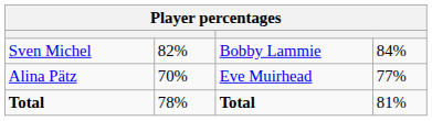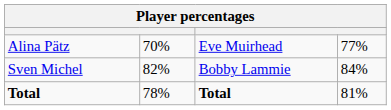 <table class="wikitable">
 <tr>
 <th colspan=4 width=400>Player percentages</th>
 </tr>
 <tr>
 <th colspan=2 width=200 style="white-space:nowrap;"></th>
 <th colspan=2 width=200 style="white-space:nowrap;"></th>
 </tr>
 <tr>
+<td><a href='#'>Alina Pätz</a></td>
+<td>70%</td>
+<td><a href='#'>Eve Muirhead</a></td>
+<td>77%</td>
+</tr>
+<tr>
 <td><a href='#'>Sven Michel</a></td>
 <td>82%</td>
 <td><a href='#'>Bobby Lammie</a></td>
 <td>84%</td>
-</tr>
-<tr>
-<td><a href='#'>Alina Pätz</a></td>
-<td>70%</td>
-<td><a href='#'>Eve Muirhead</a></td>
-<td>77%</td>
 </tr>
 <tr>
 <td><strong>Total</strong></td>
 <td>78%</td>
 <td><strong>Total</strong></td>
 <td>81%</td>
 </tr>
 </table>
